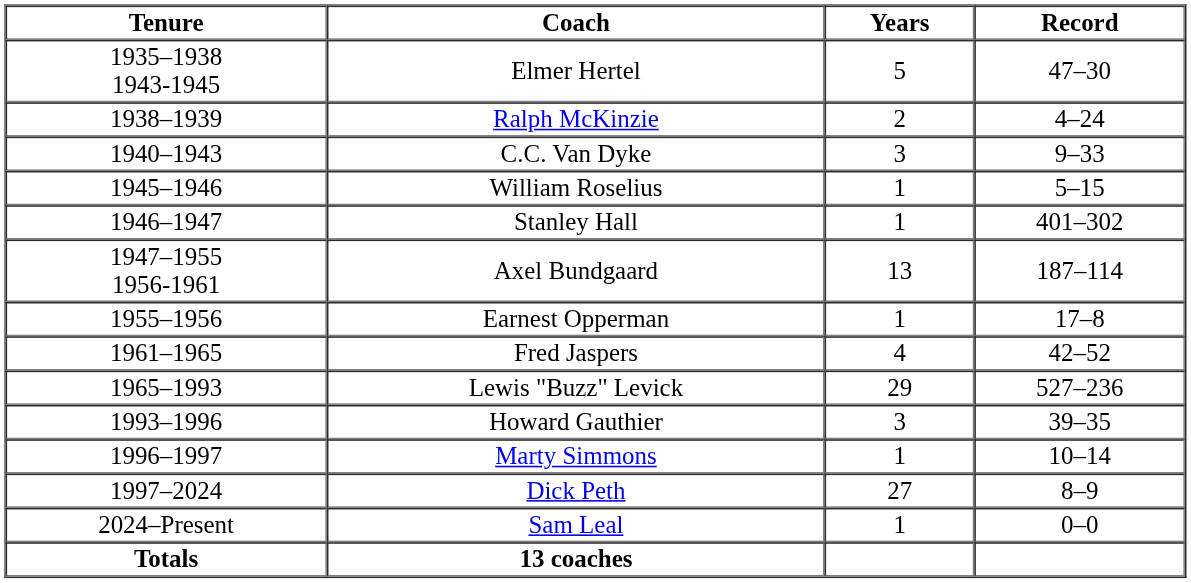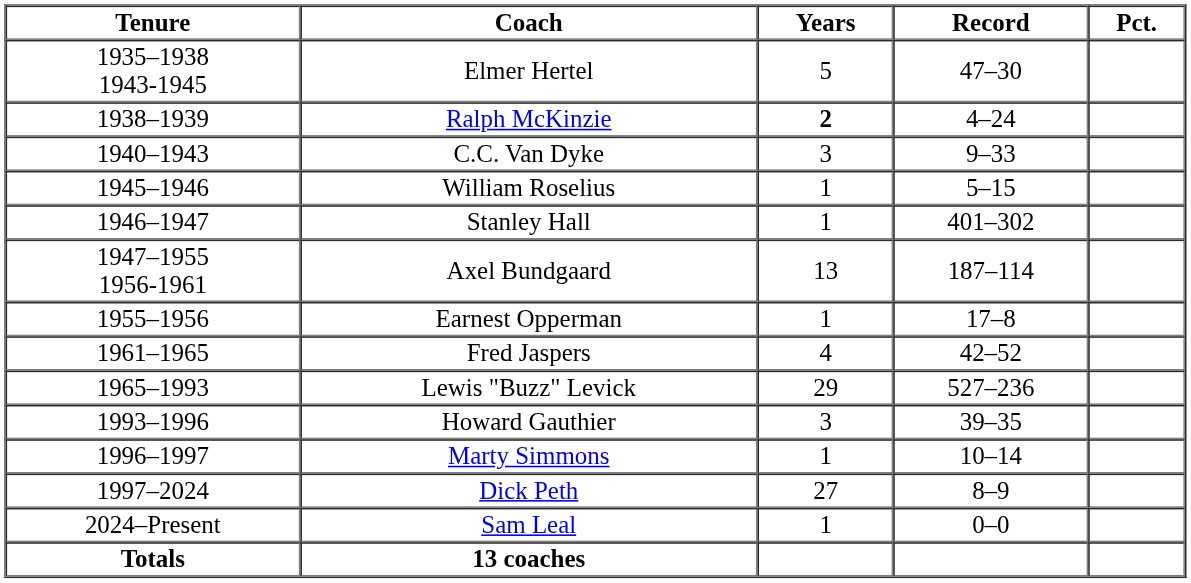 <table cellpadding="1" border="1" cellspacing="0" width="60%">
 <tr>
 <th>Tenure</th>
 <th>Coach</th>
 <th>Years</th>
 <th>Record</th>
+<th>Pct.</th>
 </tr>
 <tr align="center">
 <td>1935–1938<br>1943-1945</td>
 <td>Elmer Hertel</td>
 <td>5</td>
 <td>47–30</td>
+<td></td>
 </tr>
 <tr align="center">
 <td>1938–1939</td>
 <td><a href='#'>Ralph McKinzie</a></td>
-<td>2</td>
+<td><strong>2</strong></td>
 <td>4–24</td>
+<td></td>
 </tr>
 <tr align="center">
 <td>1940–1943</td>
 <td>C.C. Van Dyke</td>
 <td>3</td>
 <td>9–33</td>
+<td></td>
 </tr>
 <tr align="center">
 <td>1945–1946</td>
 <td>William Roselius</td>
 <td>1</td>
 <td>5–15</td>
+<td></td>
 </tr>
 <tr align="center">
 <td>1946–1947</td>
 <td>Stanley Hall</td>
 <td>1</td>
 <td>401–302</td>
+<td></td>
 </tr>
 <tr align="center">
 <td>1947–1955<br>1956-1961</td>
 <td>Axel Bundgaard</td>
 <td>13</td>
 <td>187–114</td>
+<td></td>
 </tr>
 <tr align="center">
 <td>1955–1956</td>
 <td>Earnest Opperman</td>
 <td>1</td>
 <td>17–8</td>
+<td></td>
 </tr>
 <tr align="center">
 <td>1961–1965</td>
 <td>Fred Jaspers</td>
 <td>4</td>
 <td>42–52</td>
+<td></td>
 </tr>
 <tr align="center">
 <td>1965–1993</td>
 <td>Lewis "Buzz" Levick</td>
 <td>29</td>
 <td>527–236</td>
+<td></td>
 </tr>
 <tr align=center>
 <td>1993–1996</td>
 <td>Howard Gauthier</td>
 <td>3</td>
 <td>39–35</td>
+<td></td>
 </tr>
 <tr align=center>
 <td>1996–1997</td>
 <td><a href='#'>Marty Simmons</a></td>
 <td>1</td>
 <td>10–14</td>
+<td></td>
 </tr>
 <tr align=center>
 <td>1997–2024</td>
 <td><a href='#'>Dick Peth</a></td>
 <td>27</td>
 <td>8–9</td>
+<td></td>
 </tr>
 <tr align=center>
 <td>2024–Present</td>
 <td><a href='#'>Sam Leal</a></td>
 <td>1</td>
 <td>0–0</td>
+<td></td>
 </tr>
 <tr align=center>
 <th>Totals</th>
 <th>13 coaches</th>
 <th></th>
 <th></th>
+<th></th>
 </tr>
 </table>
